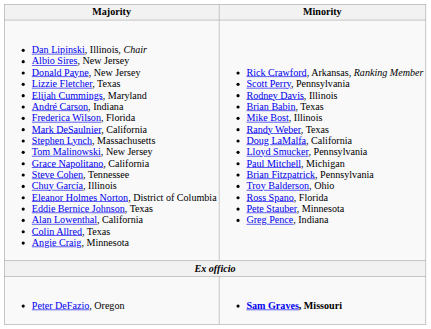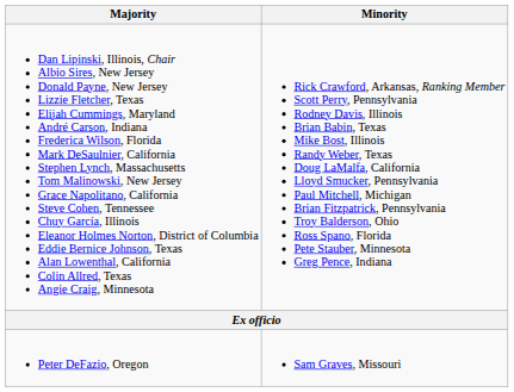 <table class=wikitable>
 <tr>
 <th>Majority</th>
 <th>Minority</th>
 </tr>
 <tr>
 <td><br><ul><li><a href='#'>Dan Lipinski</a>, Illinois, <em>Chair</em></li><li><a href='#'>Albio Sires</a>, New Jersey</li><li><a href='#'>Donald Payne</a>, New Jersey</li><li><a href='#'>Lizzie Fletcher</a>, Texas</li><li><a href='#'>Elijah Cummings</a>, Maryland</li><li><a href='#'>André Carson</a>, Indiana</li><li><a href='#'>Frederica Wilson</a>, Florida</li><li><a href='#'>Mark DeSaulnier</a>, California</li><li><a href='#'>Stephen Lynch</a>, Massachusetts</li><li><a href='#'>Tom Malinowski</a>, New Jersey</li><li><a href='#'>Grace Napolitano</a>, California</li><li><a href='#'>Steve Cohen</a>, Tennessee</li><li><a href='#'>Chuy García</a>, Illinois</li><li><a href='#'>Eleanor Holmes Norton</a>, District of Columbia</li><li><a href='#'>Eddie Bernice Johnson</a>, Texas</li><li><a href='#'>Alan Lowenthal</a>, California</li><li><a href='#'>Colin Allred</a>, Texas</li><li><a href='#'>Angie Craig</a>, Minnesota</li></ul></td>
 <td><br><ul><li><a href='#'>Rick Crawford</a>, Arkansas, <em>Ranking Member</em></li><li><a href='#'>Scott Perry</a>, Pennsylvania</li><li><a href='#'>Rodney Davis</a>, Illinois</li><li><a href='#'>Brian Babin</a>, Texas</li><li><a href='#'>Mike Bost</a>, Illinois</li><li><a href='#'>Randy Weber</a>, Texas</li><li><a href='#'>Doug LaMalfa</a>, California</li><li><a href='#'>Lloyd Smucker</a>, Pennsylvania</li><li><a href='#'>Paul Mitchell</a>, Michigan</li><li><a href='#'>Brian Fitzpatrick</a>, Pennsylvania</li><li><a href='#'>Troy Balderson</a>, Ohio</li><li><a href='#'>Ross Spano</a>, Florida</li><li><a href='#'>Pete Stauber</a>, Minnesota</li><li><a href='#'>Greg Pence</a>, Indiana</li></ul></td>
 </tr>
 <tr>
 <th colspan=2><em>Ex officio</em></th>
 </tr>
 <tr>
 <td><br><ul><li><a href='#'>Peter DeFazio</a>, Oregon</li></ul></td>
-<td><strong><br><ul><li><a href='#'>Sam Graves</a>, Missouri</li></ul></strong></td>
+<td><br><ul><li><a href='#'>Sam Graves</a>, Missouri</li></ul></td>
 </tr>
 </table>
